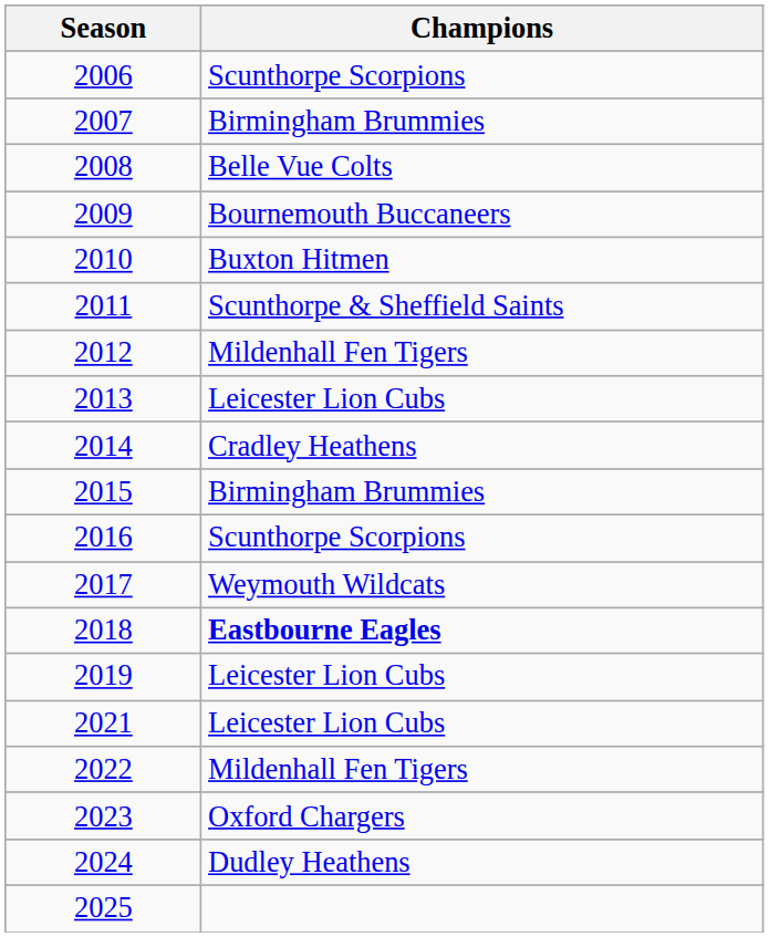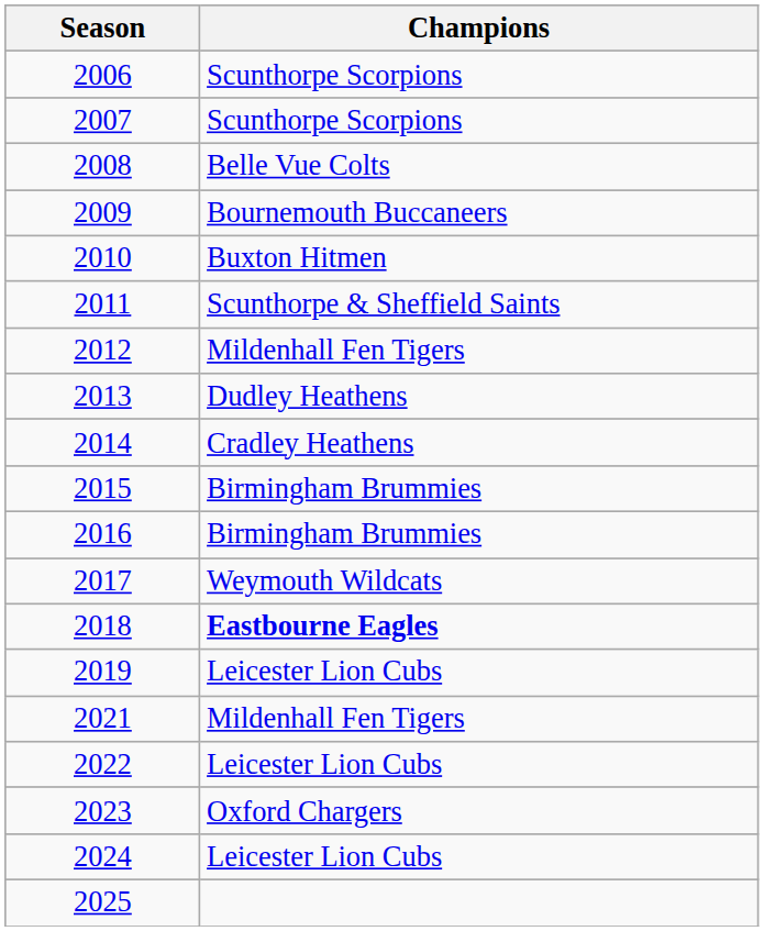 <table class="wikitable" style="font-size: 100%">
 <tr>
 <th width=100>Season</th>
 <th width=300>Champions</th>
 </tr>
 <tr align=center>
 <td><a href='#'>2006</a></td>
 <td align="left"><a href='#'>Scunthorpe Scorpions</a></td>
 </tr>
 <tr align=center>
 <td><a href='#'>2007</a></td>
-<td align="left"><a href='#'>Birmingham Brummies</a></td>
+<td align="left"><a href='#'>Scunthorpe Scorpions</a></td>
 </tr>
 <tr align=center>
 <td><a href='#'>2008</a></td>
 <td align="left"><a href='#'>Belle Vue Colts</a></td>
 </tr>
 <tr align=center>
 <td><a href='#'>2009</a></td>
 <td align="left"><a href='#'>Bournemouth Buccaneers</a></td>
 </tr>
 <tr align=center>
 <td><a href='#'>2010</a></td>
 <td align="left"><a href='#'>Buxton Hitmen</a></td>
 </tr>
 <tr align=center>
 <td><a href='#'>2011</a></td>
 <td align="left"><a href='#'>Scunthorpe & Sheffield Saints</a></td>
 </tr>
 <tr align=center>
 <td><a href='#'>2012</a></td>
 <td align="left"><a href='#'>Mildenhall Fen Tigers</a></td>
 </tr>
 <tr align=center>
 <td><a href='#'>2013</a></td>
-<td align="left"><a href='#'>Leicester Lion Cubs</a></td>
+<td align="left"><a href='#'>Dudley Heathens</a></td>
 </tr>
 <tr align=center>
 <td><a href='#'>2014</a></td>
 <td align="left"><a href='#'>Cradley Heathens</a></td>
 </tr>
 <tr align=center>
 <td><a href='#'>2015</a></td>
 <td align="left"><a href='#'>Birmingham Brummies</a></td>
 </tr>
 <tr align=center>
 <td><a href='#'>2016</a></td>
-<td align="left"><a href='#'>Scunthorpe Scorpions</a></td>
+<td align="left"><a href='#'>Birmingham Brummies</a></td>
 </tr>
 <tr align=center>
 <td><a href='#'>2017</a></td>
 <td align="left"><a href='#'>Weymouth Wildcats</a></td>
 </tr>
 <tr align=center>
 <td><a href='#'>2018</a></td>
 <td align="left"><strong><a href='#'>Eastbourne Eagles</a></strong></td>
 </tr>
 <tr align=center>
 <td><a href='#'>2019</a></td>
 <td align="left"><a href='#'>Leicester Lion Cubs</a></td>
 </tr>
 <tr align=center>
 <td><a href='#'>2021</a></td>
-<td align="left"><a href='#'>Leicester Lion Cubs</a></td>
+<td align="left"><a href='#'>Mildenhall Fen Tigers</a></td>
 </tr>
 <tr align=center>
 <td><a href='#'>2022</a></td>
-<td align="left"><a href='#'>Mildenhall Fen Tigers</a></td>
+<td align="left"><a href='#'>Leicester Lion Cubs</a></td>
 </tr>
 <tr align=center>
 <td><a href='#'>2023</a></td>
 <td align="left"><a href='#'>Oxford Chargers</a></td>
 </tr>
 <tr align=center>
 <td><a href='#'>2024</a></td>
-<td align="left"><a href='#'>Dudley Heathens</a></td>
+<td align="left"><a href='#'>Leicester Lion Cubs</a></td>
 </tr>
 <tr align=center>
 <td><a href='#'>2025</a></td>
 <td align="left"></td>
 </tr>
 </table>
